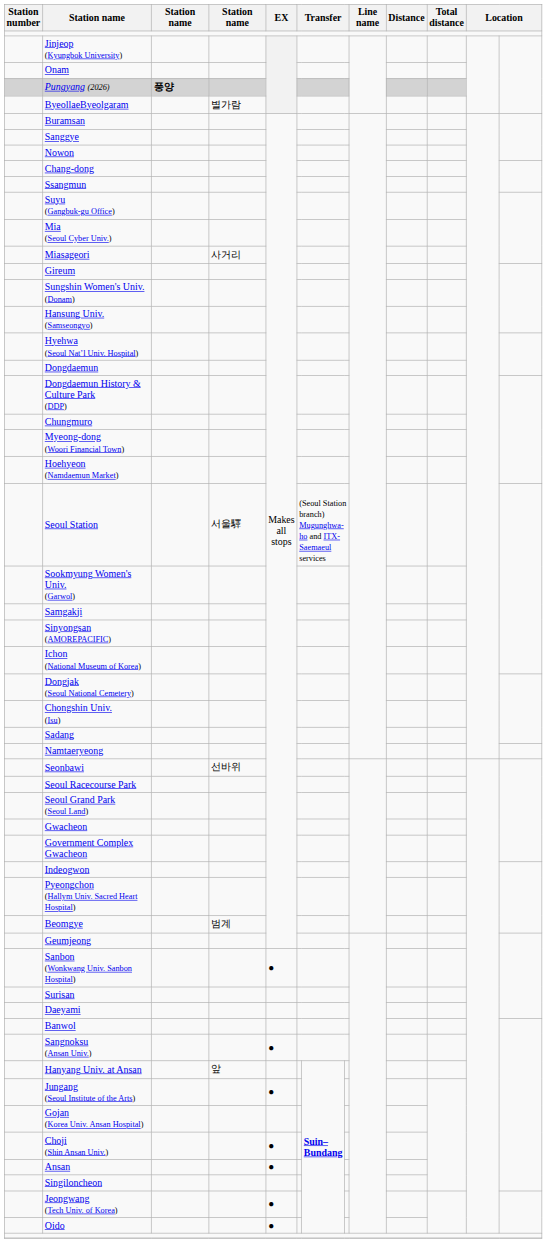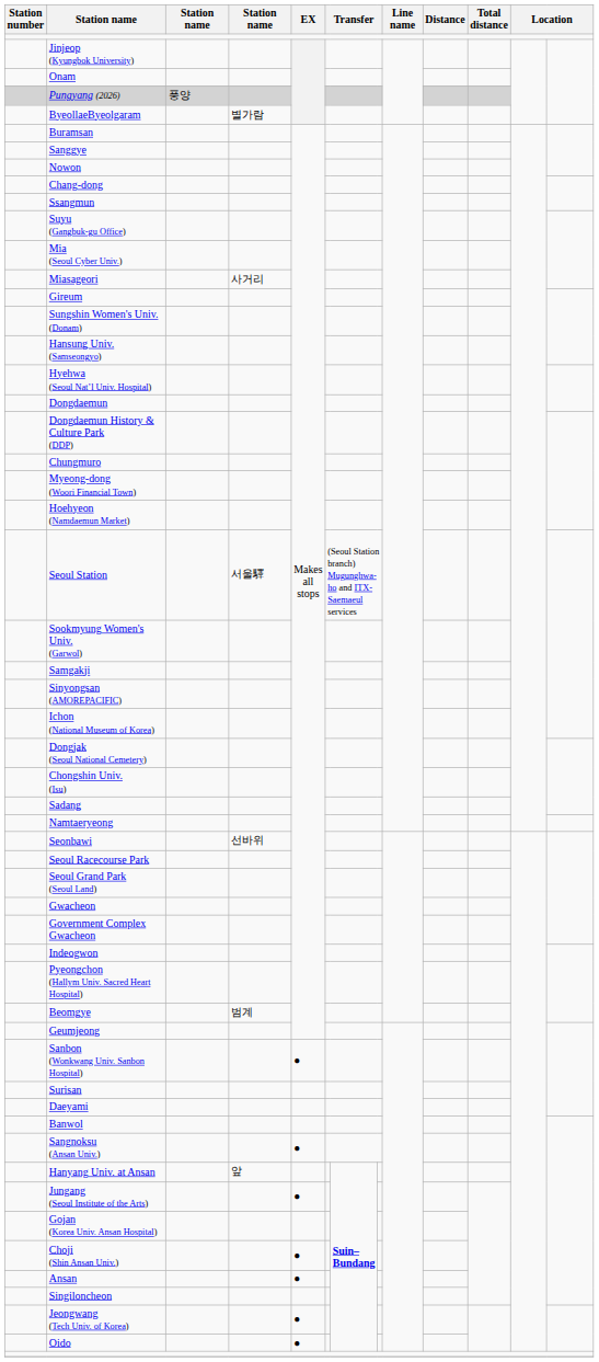 <table class="wikitable">
 <tr>
 <th>Station<br>number</th>
 <th width="210pt">Station name<br></th>
 <th width="130pt">Station name<br></th>
 <th width="130pt">Station name<br></th>
 <th width="35pt"><span>EX</span></th>
 <th width="235pt" colspan="3">Transfer</th>
 <th>Line name</th>
 <th>Distance<br></th>
 <th>Total<br>distance</th>
 <th colspan="2">Location</th>
 </tr>
 <tr style="background:#">
 <td colspan="13"></td>
 </tr>
 <tr>
 <td></td>
 <td><a href='#'>Jinjeop</a> <br><small>(<a href='#'>Kyungbok University</a>)</small></td>
 <td></td>
 <td></td>
 <th rowspan=4></th>
 <td colspan="3"></td>
 <td rowspan="4" width="70pt"></td>
 <td></td>
 <td></td>
 <td rowspan="4" width="75pt"></td>
 <td rowspan="4" width="100pt"></td>
 </tr>
 <tr>
 <td></td>
 <td><a href='#'>Onam</a></td>
 <td></td>
 <td></td>
 <td colspan="3"></td>
 <td></td>
 <td></td>
 </tr>
 <tr bgcolor="lightgrey">
 <td></td>
 <td><em><a href='#'>Pungyang</a> <small>(2026)</small></em></td>
-<td><strong>풍양</strong></td>
+<td>풍양</td>
 <td></td>
 <td colspan="3"></td>
 <td></td>
 <td></td>
 </tr>
 <tr>
 <td></td>
 <td><a href='#'>ByeollaeByeolgaram</a></td>
 <td></td>
 <td>별가람</td>
 <td colspan="3"></td>
 <td></td>
 <td></td>
 </tr>
 <tr>
 <td></td>
 <td><a href='#'>Buramsan</a></td>
 <td></td>
 <td></td>
 <td rowspan=35 align=center>Makes all stops</td>
 <td colspan="3"></td>
 <td rowspan="26" width="70pt"></td>
 <td></td>
 <td></td>
 <td rowspan="26" width="75pt"></td>
 <td rowspan="3" width="100pt"></td>
 </tr>
 <tr>
 <td></td>
 <td><a href='#'>Sanggye</a></td>
 <td></td>
 <td></td>
 <td colspan="3"></td>
 <td></td>
 <td></td>
 </tr>
 <tr>
 <td></td>
 <td><a href='#'>Nowon</a></td>
 <td></td>
 <td></td>
 <td colspan="3"></td>
 <td></td>
 <td></td>
 </tr>
 <tr>
 <td></td>
 <td><a href='#'>Chang-dong</a></td>
 <td></td>
 <td></td>
 <td colspan="3"></td>
 <td></td>
 <td></td>
 <td rowspan="2"></td>
 </tr>
 <tr>
 <td></td>
 <td><a href='#'>Ssangmun</a></td>
 <td></td>
 <td></td>
 <td colspan="3"></td>
 <td></td>
 <td></td>
 </tr>
 <tr>
 <td></td>
 <td><a href='#'>Suyu</a> <br><small>(<a href='#'>Gangbuk-gu Office</a>)</small></td>
 <td></td>
 <td></td>
 <td colspan="3"></td>
 <td></td>
 <td></td>
 <td rowspan="3"></td>
 </tr>
 <tr>
 <td></td>
 <td><a href='#'>Mia</a> <br><small>(<a href='#'>Seoul Cyber Univ.</a>)</small></td>
 <td></td>
 <td></td>
 <td colspan="3"></td>
 <td></td>
 <td></td>
 </tr>
 <tr>
 <td></td>
 <td><a href='#'>Miasageori</a></td>
 <td></td>
 <td>사거리</td>
 <td colspan="3"></td>
 <td></td>
 <td></td>
 </tr>
 <tr>
 <td></td>
 <td><a href='#'>Gireum</a></td>
 <td></td>
 <td></td>
 <td colspan="3"></td>
 <td></td>
 <td></td>
 <td rowspan="3"></td>
 </tr>
 <tr>
 <td></td>
 <td><a href='#'>Sungshin Women's Univ.</a> <br><small>(<a href='#'>Donam</a>)</small></td>
 <td></td>
 <td></td>
 <td colspan="3"></td>
 <td></td>
 <td></td>
 </tr>
 <tr>
 <td></td>
 <td><a href='#'>Hansung Univ.</a> <br><small>(<a href='#'>Samseongyo</a>)</small></td>
 <td></td>
 <td></td>
 <td colspan="3"></td>
 <td></td>
 <td></td>
 </tr>
 <tr>
 <td></td>
 <td><a href='#'>Hyehwa</a> <br><small>(<a href='#'>Seoul Nat’l Univ. Hospital</a>)</small></td>
 <td></td>
 <td></td>
 <td colspan="3"></td>
 <td></td>
 <td></td>
 <td rowspan="2"></td>
 </tr>
 <tr>
 <td></td>
 <td><a href='#'>Dongdaemun</a></td>
 <td></td>
 <td></td>
 <td colspan="3"></td>
 <td></td>
 <td></td>
 </tr>
 <tr>
 <td></td>
 <td><a href='#'>Dongdaemun History & Culture Park</a> <br><small>(<a href='#'>DDP</a>)</small></td>
 <td></td>
 <td></td>
 <td colspan="3"> </td>
 <td></td>
 <td></td>
 <td rowspan="4"></td>
 </tr>
 <tr>
 <td></td>
 <td><a href='#'>Chungmuro</a></td>
 <td></td>
 <td></td>
 <td colspan="3"></td>
 <td></td>
 <td></td>
 </tr>
 <tr>
 <td></td>
 <td><a href='#'>Myeong-dong</a> <br><small>(<a href='#'>Woori Financial Town</a>)</small></td>
 <td></td>
 <td></td>
 <td colspan="3"></td>
 <td></td>
 <td></td>
 </tr>
 <tr>
 <td></td>
 <td><a href='#'>Hoehyeon</a> <br><small>(<a href='#'>Namdaemun Market</a>)</small></td>
 <td></td>
 <td></td>
 <td colspan="3"></td>
 <td></td>
 <td></td>
 </tr>
 <tr>
 <td></td>
 <td><a href='#'>Seoul Station</a></td>
 <td></td>
 <td>서울驛</td>
 <td colspan="3"> <br> <small>(Seoul Station branch)</small><br> <small><a href='#'>Mugunghwa-ho</a> and <a href='#'>ITX-Saemaeul</a> services</small><br></td>
 <td></td>
 <td></td>
 <td rowspan="5"></td>
 </tr>
 <tr>
 <td></td>
 <td><a href='#'>Sookmyung Women's Univ.</a> <br><small>(<a href='#'>Garwol</a>)</small></td>
 <td></td>
 <td></td>
 <td colspan="3"></td>
 <td></td>
 <td></td>
 </tr>
 <tr>
 <td></td>
 <td><a href='#'>Samgakji</a></td>
 <td></td>
 <td></td>
 <td colspan="3"></td>
 <td></td>
 <td></td>
 </tr>
 <tr>
 <td></td>
 <td><a href='#'>Sinyongsan</a> <br><small>(<a href='#'>AMOREPACIFIC</a>)</small></td>
 <td></td>
 <td></td>
 <td colspan="3"></td>
 <td></td>
 <td></td>
 </tr>
 <tr>
 <td></td>
 <td><a href='#'>Ichon</a> <br><small>(<a href='#'>National Museum of Korea</a>)</small></td>
 <td></td>
 <td></td>
 <td colspan="3"></td>
 <td></td>
 <td></td>
 </tr>
 <tr>
 <td></td>
 <td><a href='#'>Dongjak</a> <br><small>(<a href='#'>Seoul National Cemetery</a>)</small></td>
 <td></td>
 <td></td>
 <td colspan="3"></td>
 <td></td>
 <td></td>
 <td rowspan="3"></td>
 </tr>
 <tr>
 <td></td>
 <td><a href='#'>Chongshin Univ.</a> <br><small>(<a href='#'>Isu</a>)</small></td>
 <td></td>
 <td></td>
 <td colspan="3"></td>
 <td></td>
 <td></td>
 </tr>
 <tr>
 <td></td>
 <td><a href='#'>Sadang</a></td>
 <td></td>
 <td></td>
 <td colspan="3"></td>
 <td></td>
 <td></td>
 </tr>
 <tr>
 <td></td>
 <td><a href='#'>Namtaeryeong</a></td>
 <td></td>
 <td></td>
 <td colspan="3"></td>
 <td></td>
 <td></td>
 <td></td>
 </tr>
 <tr>
 <td></td>
 <td><a href='#'>Seonbawi</a></td>
 <td></td>
 <td>선바위</td>
 <td colspan="3"></td>
 <td rowspan="8"></td>
 <td></td>
 <td></td>
 <td rowspan="22"></td>
 <td rowspan="5"></td>
 </tr>
 <tr>
 <td></td>
 <td><a href='#'>Seoul Racecourse Park</a></td>
 <td></td>
 <td></td>
 <td colspan="3"></td>
 <td></td>
 <td></td>
 </tr>
 <tr>
 <td></td>
 <td><a href='#'>Seoul Grand Park</a> <br><small>(<a href='#'>Seoul Land</a>)</small></td>
 <td></td>
 <td></td>
 <td colspan="3"></td>
 <td></td>
 <td></td>
 </tr>
 <tr>
 <td></td>
 <td><a href='#'>Gwacheon</a></td>
 <td></td>
 <td></td>
 <td colspan="3"></td>
 <td></td>
 <td></td>
 </tr>
 <tr>
 <td></td>
 <td><a href='#'>Government Complex Gwacheon</a></td>
 <td></td>
 <td></td>
 <td colspan="3"></td>
 <td></td>
 <td></td>
 </tr>
 <tr>
 <td></td>
 <td><a href='#'>Indeogwon</a></td>
 <td></td>
 <td></td>
 <td colspan="3"></td>
 <td></td>
 <td></td>
 <td rowspan="3"></td>
 </tr>
 <tr>
 <td></td>
 <td><a href='#'>Pyeongchon</a> <br><small>(<a href='#'>Hallym Univ. Sacred Heart Hospital</a>)</small></td>
 <td></td>
 <td></td>
 <td colspan="3"></td>
 <td></td>
 <td></td>
 </tr>
 <tr>
 <td></td>
 <td><a href='#'>Beomgye</a></td>
 <td></td>
 <td>범계</td>
 <td colspan="3"></td>
 <td></td>
 <td></td>
 </tr>
 <tr>
 <td></td>
 <td><a href='#'>Geumjeong</a></td>
 <td></td>
 <td></td>
 <td colspan="3"></td>
 <td rowspan="14"></td>
 <td></td>
 <td></td>
 <td rowspan="4"></td>
 </tr>
 <tr>
 <td></td>
 <td><a href='#'>Sanbon</a> <br><small>(<a href='#'>Wonkwang Univ. Sanbon Hospital</a>)</small></td>
 <td></td>
 <td></td>
 <td><div><span>●</span></div></td>
 <td colspan="3"></td>
 <td></td>
 <td></td>
 </tr>
 <tr>
 <td></td>
 <td><a href='#'>Surisan</a></td>
 <td></td>
 <td></td>
 <td><div><span></span></div></td>
 <td colspan="3"></td>
 <td></td>
 <td></td>
 </tr>
 <tr>
 <td></td>
 <td><a href='#'>Daeyami</a></td>
 <td></td>
 <td></td>
 <td><div><span></span></div></td>
 <td colspan="3"></td>
 <td></td>
 <td></td>
 </tr>
 <tr>
 <td></td>
 <td><a href='#'>Banwol</a></td>
 <td></td>
 <td></td>
 <td><div><span></span></div></td>
 <td colspan="3"></td>
 <td></td>
 <td></td>
 <td rowspan="8"></td>
 </tr>
 <tr>
 <td></td>
 <td><a href='#'>Sangnoksu</a> <br><small>(<a href='#'>Ansan Univ.</a>)</small></td>
 <td></td>
 <td></td>
 <td><div><span>●</span></div></td>
 <td colspan="3"></td>
 <td></td>
 <td></td>
 </tr>
 <tr>
 <td></td>
 <td><a href='#'>Hanyang Univ. at Ansan</a></td>
 <td></td>
 <td>앞</td>
 <td><div><span></span></div></td>
 <td style="color:white;background-color:#"></td>
 <td rowspan="8" style="width:60px;"><strong><a href='#'>Suin–Bundang</a></strong><br></td>
 <td></td>
 <td></td>
 <td></td>
 </tr>
 <tr>
 <td></td>
 <td><a href='#'>Jungang</a> <br><small>(<a href='#'>Seoul Institute of the Arts</a>)</small></td>
 <td></td>
 <td></td>
 <td><div><span>●</span></div></td>
 <td></td>
 <td></td>
 <td></td>
 </tr>
 <tr>
 <td></td>
 <td><a href='#'>Gojan</a> <br><small>(<a href='#'>Korea Univ. Ansan Hospital</a>)</small></td>
 <td></td>
 <td></td>
 <td><div><span></span></div></td>
 <td></td>
 <td></td>
 <td></td>
 </tr>
 <tr>
 <td></td>
 <td><a href='#'>Choji</a> <br><small>(<a href='#'>Shin Ansan Univ.</a>)</small></td>
 <td></td>
 <td></td>
 <td><div><span>●</span></div></td>
 <td></td>
 <td></td>
 <td></td>
 </tr>
 <tr>
 <td></td>
 <td><a href='#'>Ansan</a></td>
 <td></td>
 <td></td>
 <td><div><span>●</span></div></td>
 <td></td>
 <td></td>
 <td></td>
 </tr>
 <tr>
 <td></td>
 <td><a href='#'>Singiloncheon</a></td>
 <td></td>
 <td></td>
 <td><div><span></span></div></td>
 <td></td>
 <td></td>
 <td></td>
 </tr>
 <tr>
 <td></td>
 <td><a href='#'>Jeongwang</a> <br><small>(<a href='#'>Tech Univ. of Korea</a>)</small></td>
 <td></td>
 <td></td>
 <td><div><span>●</span></div></td>
 <td></td>
 <td></td>
 <td></td>
 <td rowspan="2"></td>
 </tr>
 <tr>
 <td></td>
 <td><a href='#'>Oido</a></td>
 <td></td>
 <td></td>
 <td><div><span>●</span></div></td>
 <td></td>
 <td></td>
 <td></td>
 </tr>
 <tr style="background:#">
 <td colspan="13"></td>
 </tr>
 <tr>
 </tr>
 </table>
